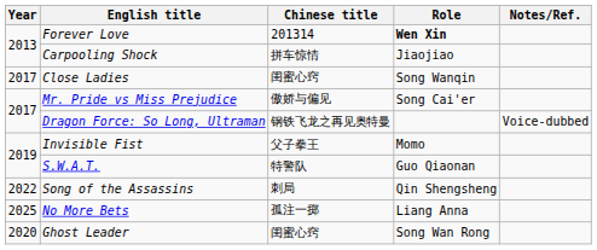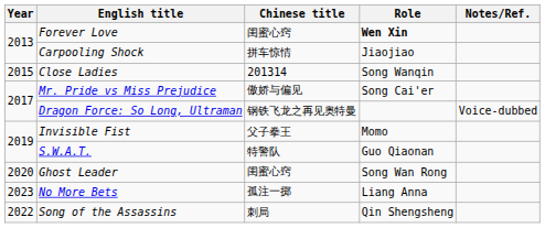 <table class="wikitable">
 <tr>
 <th width=10>Year</th>
 <th>English title</th>
 <th>Chinese title</th>
 <th>Role</th>
 <th>Notes/Ref.</th>
 </tr>
 <tr>
 <td rowspan=2>2013</td>
 <td><em>Forever Love</em></td>
-<td>201314</td>
+<td>闺蜜心窍</td>
 <td><strong>Wen Xin</strong></td>
 <td></td>
 </tr>
 <tr>
 <td><em>Carpooling Shock</em></td>
 <td>拼车惊情</td>
 <td>Jiaojiao</td>
 <td></td>
 </tr>
 <tr>
-<td>2017</td>
+<td>2015</td>
 <td><em>Close Ladies</em></td>
-<td>闺蜜心窍</td>
+<td>201314</td>
 <td>Song Wanqin</td>
 <td></td>
 </tr>
 <tr>
 <td rowspan=2>2017</td>
 <td><em><a href='#'>Mr. Pride vs Miss Prejudice</a></em></td>
 <td>傲娇与偏见</td>
 <td>Song Cai'er</td>
 <td></td>
 </tr>
 <tr>
 <td><em><a href='#'>Dragon Force: So Long, Ultraman</a></em></td>
 <td>钢铁飞龙之再见奥特曼</td>
 <td></td>
 <td>Voice-dubbed</td>
 </tr>
 <tr>
 <td rowspan=2>2019</td>
 <td><em>Invisible Fist</em></td>
 <td>父子拳王</td>
 <td>Momo</td>
 <td></td>
 </tr>
 <tr>
 <td><em><a href='#'>S.W.A.T.</a></em></td>
 <td>特警队</td>
 <td>Guo Qiaonan</td>
 <td></td>
 </tr>
 <tr>
+<td>2020</td>
+<td><em>Ghost Leader</em></td>
+<td>闺蜜心窍</td>
+<td>Song Wan Rong</td>
+<td></td>
+</tr>
+<tr>
+<td>2023</td>
+<td><em><a href='#'>No More Bets</a></em></td>
+<td>孤注一掷</td>
+<td>Liang Anna</td>
+<td></td>
+</tr>
+<tr>
 <td>2022</td>
 <td><em>Song of the Assassins</em></td>
 <td>刺局</td>
 <td>Qin Shengsheng</td>
 <td></td>
 </tr>
-<tr>
-<td>2025</td>
-<td><em><a href='#'>No More Bets</a></em></td>
-<td>孤注一掷</td>
-<td>Liang Anna</td>
-<td></td>
-</tr>
-<tr>
-<td>2020</td>
-<td><em>Ghost Leader</em></td>
-<td>闺蜜心窍</td>
-<td>Song Wan Rong</td>
-<td></td>
-</tr>
 </table>
